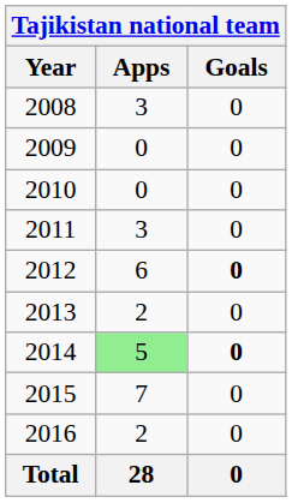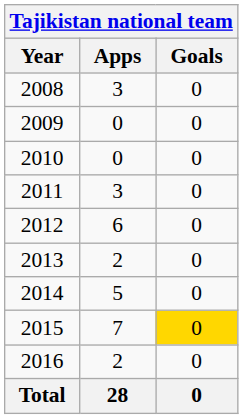 <table class="wikitable" style="text-align:center">
 <tr>
 <th colspan=3><a href='#'>Tajikistan national team</a></th>
 </tr>
 <tr>
 <th>Year</th>
 <th>Apps</th>
 <th>Goals</th>
 </tr>
 <tr>
 <td>2008</td>
 <td>3</td>
 <td>0</td>
 </tr>
 <tr>
 <td>2009</td>
 <td>0</td>
 <td>0</td>
 </tr>
 <tr>
 <td>2010</td>
 <td>0</td>
 <td>0</td>
 </tr>
 <tr>
 <td>2011</td>
 <td>3</td>
 <td>0</td>
 </tr>
 <tr>
 <td>2012</td>
 <td>6</td>
-<td><strong>0</strong></td>
+<td>0</td>
 </tr>
 <tr>
 <td>2013</td>
 <td>2</td>
 <td>0</td>
 </tr>
 <tr>
 <td>2014</td>
-<td style="background: lightgreen;">5</td>
-<td><strong>0</strong></td>
+<td>5</td>
+<td>0</td>
 </tr>
 <tr>
 <td>2015</td>
 <td>7</td>
-<td>0</td>
+<td style="background: gold;">0</td>
 </tr>
 <tr>
 <td>2016</td>
 <td>2</td>
 <td>0</td>
 </tr>
 <tr>
 <th>Total</th>
 <th>28</th>
 <th>0</th>
 </tr>
 </table>
